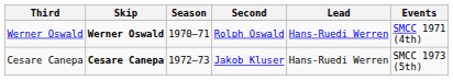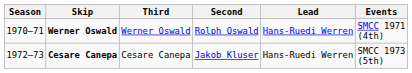 <table class="wikitable">
 <tr>
+<th scope="col">Season</th>
+<th scope="col">Skip</th>
 <th scope="col">Third</th>
-<th scope="col">Skip</th>
-<th scope="col">Season</th>
 <th scope="col">Second</th>
 <th scope="col">Lead</th>
 <th scope="col">Events</th>
 </tr>
 <tr>
+<td>1970—71</td>
+<td><strong>Werner Oswald</strong></td>
 <td><a href='#'>Werner Oswald</a></td>
-<td><strong>Werner Oswald</strong></td>
-<td>1970—71</td>
 <td><a href='#'>Rolph Oswald</a></td>
 <td><a href='#'>Hans-Ruedi Werren</a></td>
 <td><a href='#'>SMCC</a> 1971 <br> (4th)</td>
 </tr>
 <tr>
+<td>1972—73</td>
+<td><strong>Cesare Canepa</strong></td>
 <td>Cesare Canepa</td>
-<td><strong>Cesare Canepa</strong></td>
-<td>1972—73</td>
 <td><a href='#'>Jakob Kluser</a></td>
 <td>Hans-Ruedi Werren</td>
 <td>SMCC 1973 <br> (5th)</td>
 </tr>
 </table>
